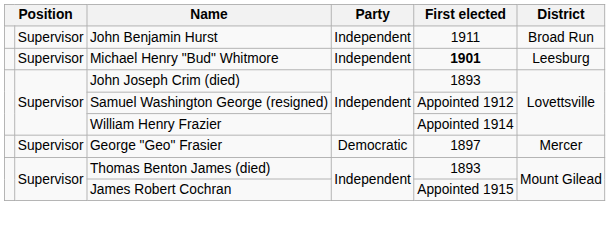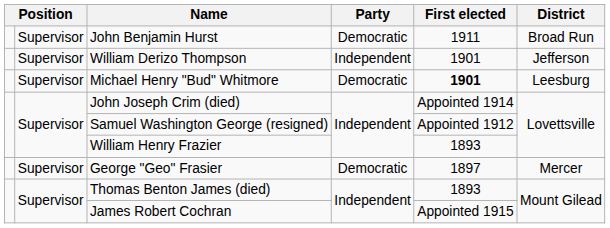 <table class="wikitable">
 <tr>
 <th colspan="2">Position</th>
 <th>Name</th>
 <th>Party</th>
 <th>First elected</th>
 <th>District</th>
 </tr>
 <tr>
 <td style="background-color:"> </td>
 <td>Supervisor</td>
 <td>John Benjamin Hurst</td>
-<td style="text-align:center;">Independent</td>
+<td style="text-align:center;">Democratic</td>
 <td style="text-align:center;">1911</td>
 <td style="text-align:center;">Broad Run</td>
 </tr>
 <tr>
 <td style="background-color:"> </td>
 <td>Supervisor</td>
+<td>William Derizo Thompson</td>
+<td style="text-align:center;">Independent</td>
+<td style="text-align:center;">1901</td>
+<td style="text-align:center;">Jefferson</td>
+</tr>
+<tr>
+<td style="background-color:"> </td>
+<td>Supervisor</td>
 <td>Michael Henry "Bud" Whitmore</td>
-<td style="text-align:center;">Independent</td>
+<td style="text-align:center;">Democratic</td>
 <td style="text-align:center;"><strong>1901</strong></td>
 <td style="text-align:center;">Leesburg</td>
 </tr>
 <tr>
 <td rowspan="3" style="background-color:"> </td>
 <td rowspan="3">Supervisor</td>
 <td>John Joseph Crim (died)</td>
 <td rowspan="3" style="text-align:center;">Independent</td>
-<td style="text-align:center;">1893</td>
+<td style="text-align:center;">Appointed 1914</td>
 <td rowspan="3" style="text-align:center;">Lovettsville</td>
 </tr>
 <tr>
 <td>Samuel Washington George (resigned)</td>
 <td style="text-align:center;">Appointed 1912</td>
 </tr>
 <tr>
 <td>William Henry Frazier</td>
-<td style="text-align:center;">Appointed 1914</td>
+<td style="text-align:center;">1893</td>
 </tr>
 <tr>
 <td style="background-color:"> </td>
 <td>Supervisor</td>
 <td>George "Geo" Frasier</td>
 <td style="text-align:center;">Democratic</td>
 <td style="text-align:center;">1897</td>
 <td style="text-align:center;">Mercer</td>
 </tr>
 <tr>
 <td rowspan="2" style="background-color:"> </td>
 <td rowspan="2">Supervisor</td>
 <td>Thomas Benton James (died)</td>
 <td rowspan="2" style="text-align:center;">Independent</td>
 <td style="text-align:center;">1893</td>
 <td rowspan="2" style="text-align:center;">Mount Gilead</td>
 </tr>
 <tr>
 <td>James Robert Cochran</td>
 <td style="text-align:center;">Appointed 1915</td>
 </tr>
 </table>
